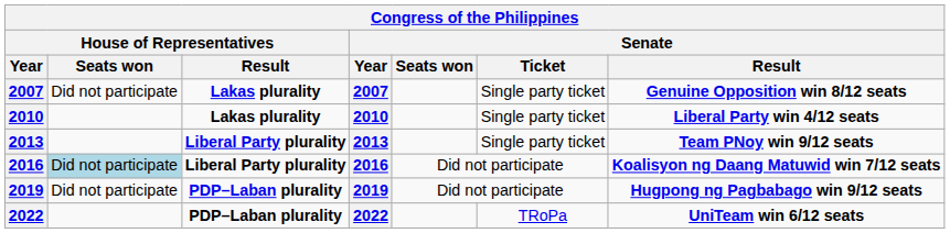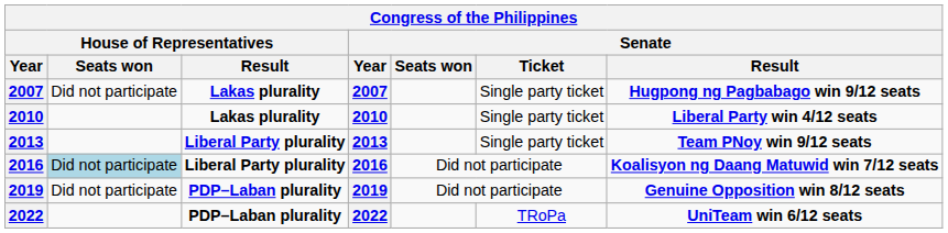 <table class="wikitable" style="text-align:center; font-size:90%">
 <tr>
 <th colspan=7><a href='#'>Congress of the Philippines</a></th>
 </tr>
 <tr>
 <th colspan="3">House of Representatives</th>
 <th colspan="4">Senate</th>
 </tr>
 <tr>
 <th>Year</th>
 <th>Seats won</th>
 <th>Result</th>
 <th>Year</th>
 <th>Seats won</th>
 <th>Ticket</th>
 <th>Result</th>
 </tr>
 <tr>
 <th><a href='#'>2007</a></th>
 <td>Did not participate</td>
 <td><strong><a href='#'>Lakas</a> plurality</strong></td>
 <th><a href='#'>2007</a></th>
 <td></td>
 <td>Single party ticket</td>
-<td><strong><a href='#'>Genuine Opposition</a> win 8/12 seats</strong></td>
+<td><strong><a href='#'>Hugpong ng Pagbabago</a> win 9/12 seats</strong></td>
 </tr>
 <tr>
 <th><a href='#'>2010</a></th>
 <td></td>
 <td><strong>Lakas plurality</strong></td>
 <th><a href='#'>2010</a></th>
 <td></td>
 <td>Single party ticket</td>
 <td><strong><a href='#'>Liberal Party</a> win 4/12 seats</strong></td>
 </tr>
 <tr>
 <th><a href='#'>2013</a></th>
 <td></td>
 <td><strong><a href='#'>Liberal Party</a> plurality</strong></td>
 <th><a href='#'>2013</a></th>
 <td></td>
 <td>Single party ticket</td>
 <td><strong><a href='#'>Team PNoy</a> win 9/12 seats</strong></td>
 </tr>
 <tr>
 <th><a href='#'>2016</a></th>
 <td style="background: lightblue;">Did not participate</td>
 <td><strong>Liberal Party plurality</strong></td>
 <th><a href='#'>2016</a></th>
 <td colspan=2>Did not participate</td>
 <td><strong><a href='#'>Koalisyon ng Daang Matuwid</a> win 7/12 seats</strong></td>
 </tr>
 <tr>
 <th><a href='#'>2019</a></th>
 <td>Did not participate</td>
 <td><strong><a href='#'>PDP–Laban</a> plurality</strong></td>
 <th><a href='#'>2019</a></th>
 <td colspan=2>Did not participate</td>
-<td><strong><a href='#'>Hugpong ng Pagbabago</a> win 9/12 seats</strong></td>
+<td><strong><a href='#'>Genuine Opposition</a> win 8/12 seats</strong></td>
 </tr>
 <tr>
 <th><a href='#'>2022</a></th>
 <td></td>
 <td><strong>PDP–Laban plurality</strong></td>
 <th><a href='#'>2022</a></th>
 <td></td>
 <td><a href='#'>TRoPa</a></td>
 <td><strong><a href='#'>UniTeam</a> win 6/12 seats</strong></td>
 </tr>
 </table>
